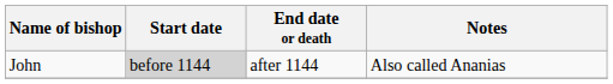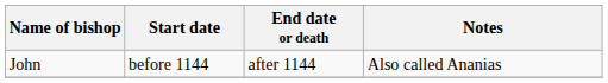 <table class="wikitable">
 <tr align=left>
 <th width="20%">Name of bishop</th>
 <th width="20%">Start date</th>
 <th width="20%">End date<br><small>or death</small></th>
 <th width="40%">Notes</th>
 </tr>
 <tr>
 <td>John</td>
-<td style="background: lightgrey;">before 1144</td>
+<td>before 1144</td>
 <td>after 1144</td>
 <td>Also called Ananias</td>
 </tr>
 <tr>
 </tr>
 </table>
